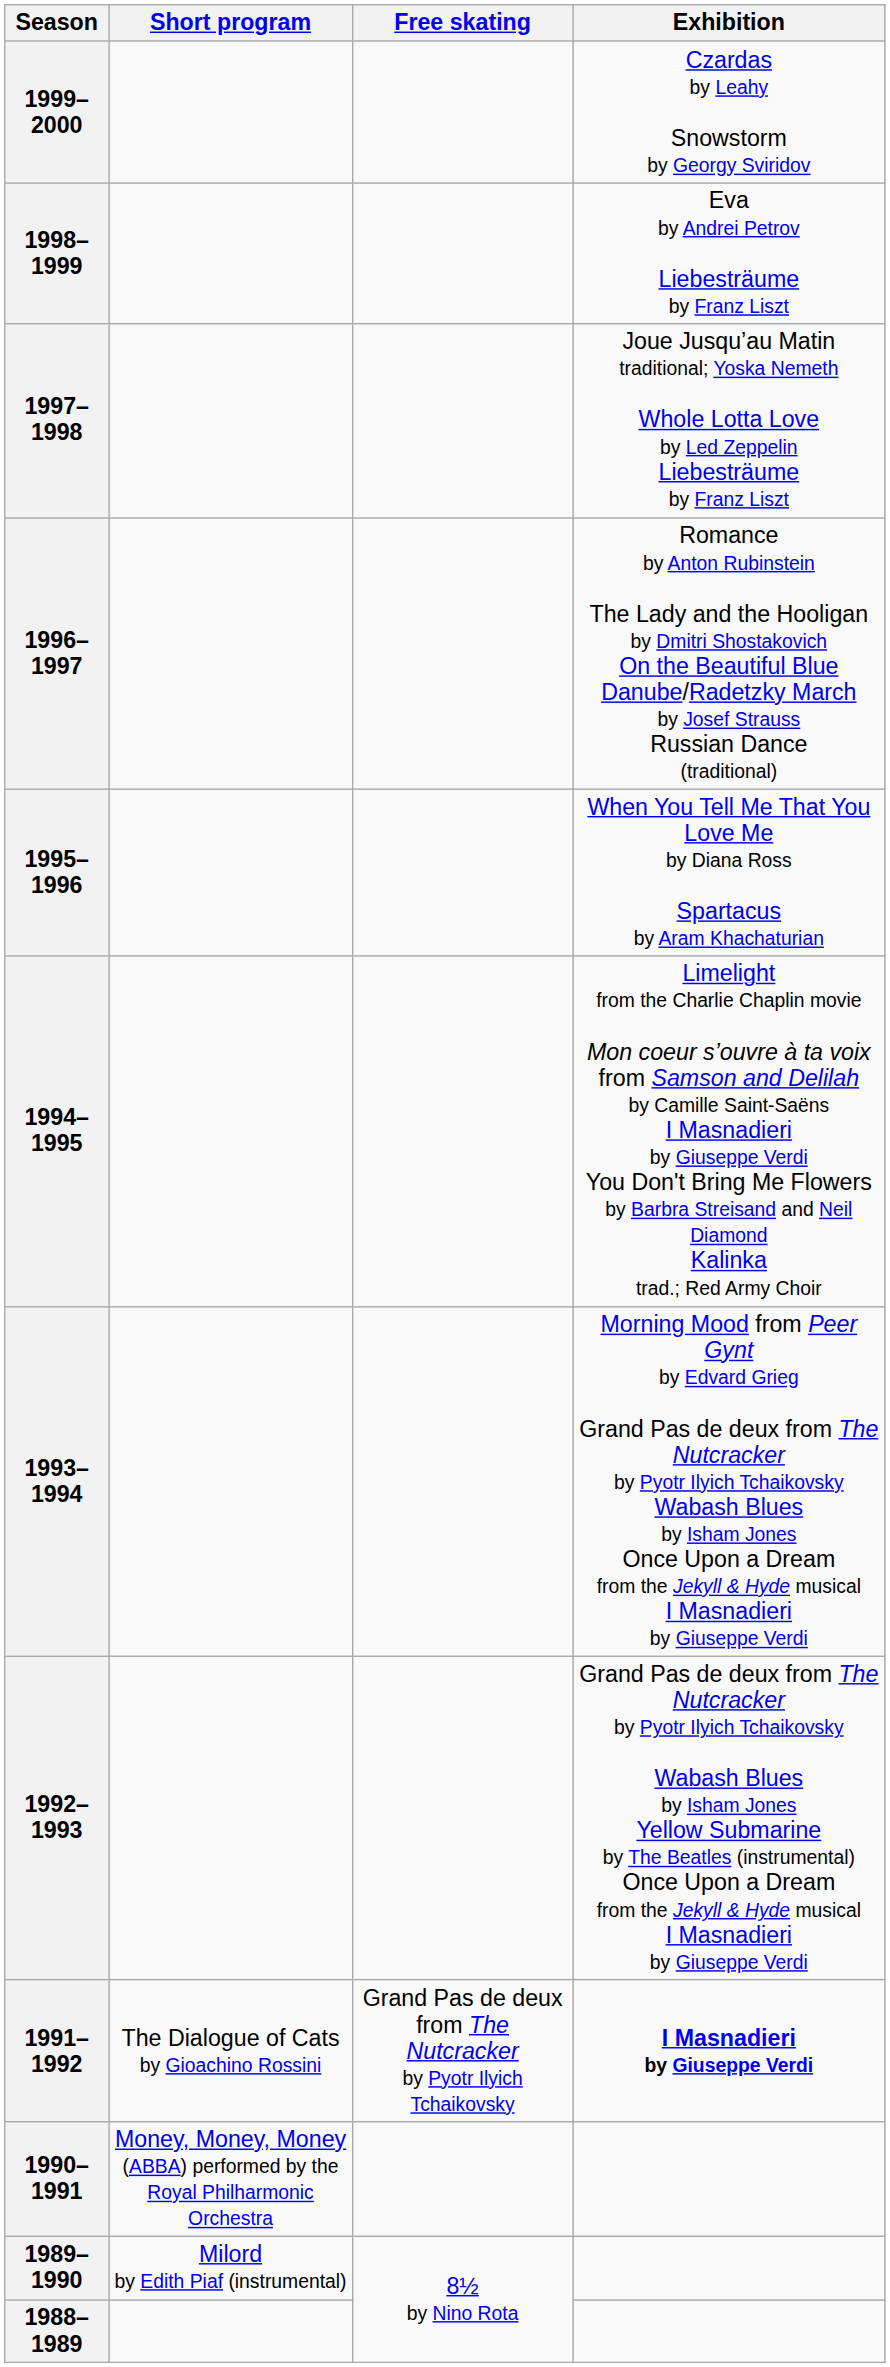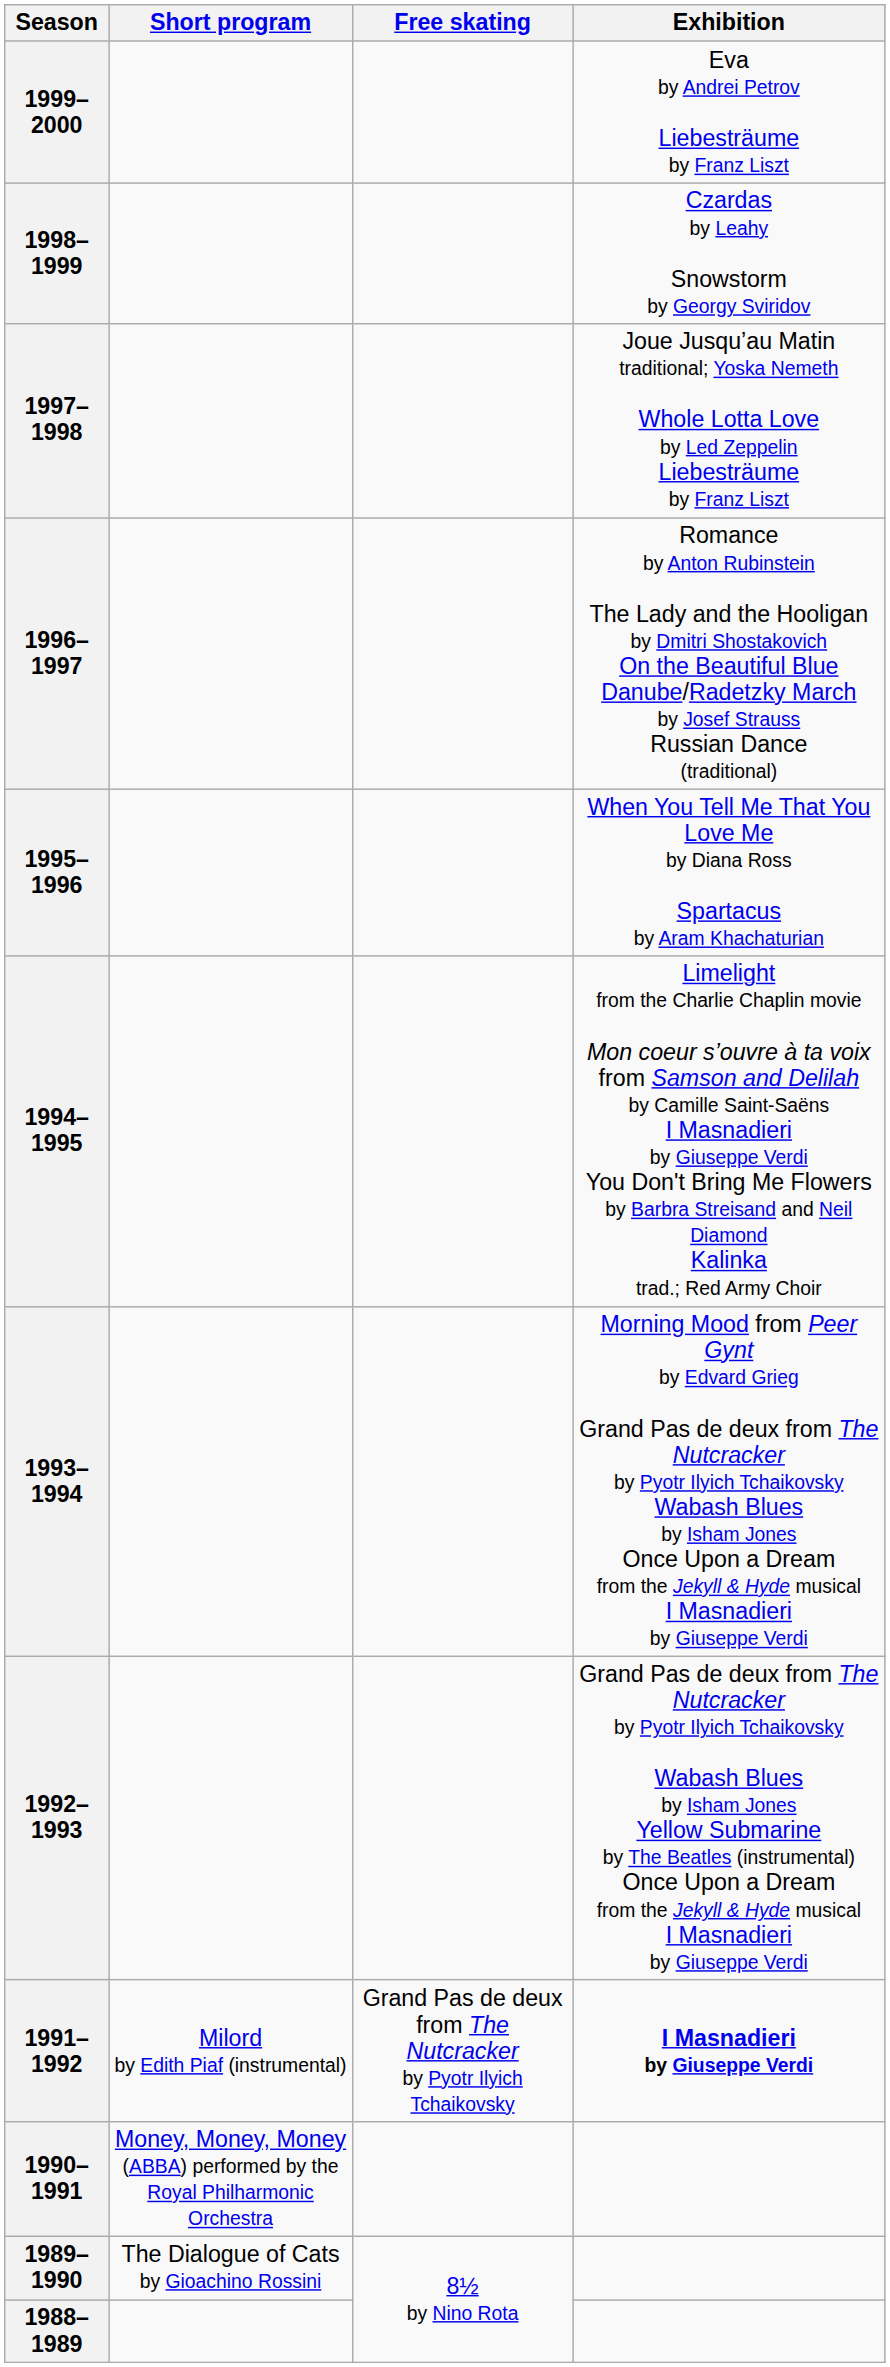 <table class="wikitable" style="text-align:center">
 <tr>
 <th>Season</th>
 <th><a href='#'>Short program</a></th>
 <th><a href='#'>Free skating</a></th>
 <th>Exhibition</th>
 </tr>
 <tr>
 <th>1999–2000</th>
 <td></td>
 <td></td>
-<td><a href='#'>Czardas</a> <br> <small>by <a href='#'>Leahy</a></small><br><br>Snowstorm <br> <small>by <a href='#'>Georgy Sviridov</a></small></td>
+<td>Eva <br> <small>by <a href='#'>Andrei Petrov</a></small><br><br><a href='#'>Liebesträume</a> <br> <small>by <a href='#'>Franz Liszt</a></small></td>
 </tr>
 <tr>
 <th>1998–1999</th>
 <td></td>
 <td></td>
-<td>Eva <br> <small>by <a href='#'>Andrei Petrov</a></small><br><br><a href='#'>Liebesträume</a> <br> <small>by <a href='#'>Franz Liszt</a></small></td>
+<td><a href='#'>Czardas</a> <br> <small>by <a href='#'>Leahy</a></small><br><br>Snowstorm <br> <small>by <a href='#'>Georgy Sviridov</a></small></td>
 </tr>
 <tr>
 <th>1997–1998</th>
 <td></td>
 <td></td>
 <td>Joue Jusqu’au Matin <br> <small>traditional; <a href='#'>Yoska Nemeth</a></small><br><br><a href='#'>Whole Lotta Love</a> <br> <small>by <a href='#'>Led Zeppelin</a></small><br> <a href='#'>Liebesträume</a> <br> <small>by <a href='#'>Franz Liszt</a></small></td>
 </tr>
 <tr>
 <th>1996–1997</th>
 <td></td>
 <td></td>
 <td>Romance <br> <small>by <a href='#'>Anton Rubinstein</a></small><br><br>The Lady and the Hooligan <br> <small>by <a href='#'>Dmitri Shostakovich</a></small><br> <a href='#'>On the Beautiful Blue Danube</a>/<a href='#'>Radetzky March</a> <br> <small>by <a href='#'>Josef Strauss</a></small><br> Russian Dance <br> <small>(traditional)</small></td>
 </tr>
 <tr>
 <th>1995–1996</th>
 <td></td>
 <td></td>
 <td><a href='#'>When You Tell Me That You Love Me</a> <br> <small> by Diana Ross</small><br><br><a href='#'>Spartacus</a> <br> <small> by <a href='#'>Aram Khachaturian</a></small></td>
 </tr>
 <tr>
 <th>1994–1995</th>
 <td></td>
 <td></td>
 <td><a href='#'>Limelight</a> <br> <small> from the Charlie Chaplin movie</small><br><br><em> Mon coeur s’ouvre à ta voix</em> from <em><a href='#'>Samson and Delilah</a></em> <br> <small> by Camille Saint-Saëns</small><br> <a href='#'>I Masnadieri</a>  <br> <small> by <a href='#'>Giuseppe Verdi</a></small><br> You Don't Bring Me Flowers<br> <small> by <a href='#'>Barbra Streisand</a> and <a href='#'>Neil Diamond</a></small><br> <a href='#'>Kalinka</a> <br> <small> trad.; Red Army Choir</small></td>
 </tr>
 <tr>
 <th>1993–1994</th>
 <td></td>
 <td></td>
 <td><a href='#'>Morning Mood</a> from <em><a href='#'>Peer Gynt</a></em> <br> <small> by <a href='#'>Edvard Grieg</a></small><br><br>Grand Pas de deux from <em><a href='#'>The Nutcracker</a></em> <br> <small> by <a href='#'>Pyotr Ilyich Tchaikovsky</a></small><br> <a href='#'>Wabash Blues</a>  <br> <small> by <a href='#'>Isham Jones</a></small><br> Once Upon a Dream  <br> <small> from the <a href='#'><em>Jekyll & Hyde</em></a> musical</small><br> <a href='#'>I Masnadieri</a>  <br> <small> by <a href='#'>Giuseppe Verdi</a></small></td>
 </tr>
 <tr>
 <th>1992–1993</th>
 <td></td>
 <td></td>
 <td>Grand Pas de deux from <em><a href='#'>The Nutcracker</a></em> <br> <small> by <a href='#'>Pyotr Ilyich Tchaikovsky</a></small><br><br><a href='#'>Wabash Blues</a>  <br> <small> by <a href='#'>Isham Jones</a></small><br> <a href='#'>Yellow Submarine</a>  <br> <small> by <a href='#'>The Beatles</a> (instrumental) </small><br> Once Upon a Dream  <br> <small> from the <a href='#'><em>Jekyll & Hyde</em></a> musical</small><br> <a href='#'>I Masnadieri</a>  <br> <small> by <a href='#'>Giuseppe Verdi</a></small></td>
 </tr>
 <tr>
 <th>1991–1992</th>
-<td>The Dialogue of Cats <br> <small> by <a href='#'>Gioachino Rossini</a></small></td>
+<td><a href='#'>Milord</a> <br> <small> by <a href='#'>Edith Piaf</a> (instrumental) </small></td>
 <td>Grand Pas de deux from <em><a href='#'>The Nutcracker</a></em> <br> <small> by <a href='#'>Pyotr Ilyich Tchaikovsky</a></small></td>
 <td><strong><a href='#'>I Masnadieri</a>  <br> <small> by <a href='#'>Giuseppe Verdi</a></small></strong></td>
 </tr>
 <tr>
 <th>1990–1991</th>
 <td><a href='#'>Money, Money, Money</a> <br> <small>(<a href='#'>ABBA</a>) performed by the <a href='#'>Royal Philharmonic Orchestra</a></small></td>
 <td></td>
 <td></td>
 </tr>
 <tr>
 <th>1989–1990</th>
-<td><a href='#'>Milord</a> <br> <small> by <a href='#'>Edith Piaf</a> (instrumental) </small></td>
+<td>The Dialogue of Cats <br> <small> by <a href='#'>Gioachino Rossini</a></small></td>
 <td rowspan=2><a href='#'>8½</a> <br> <small> by <a href='#'>Nino Rota</a></small></td>
 <td></td>
 </tr>
 <tr>
 <th>1988–1989</th>
 <td></td>
 <td></td>
 </tr>
 </table>
